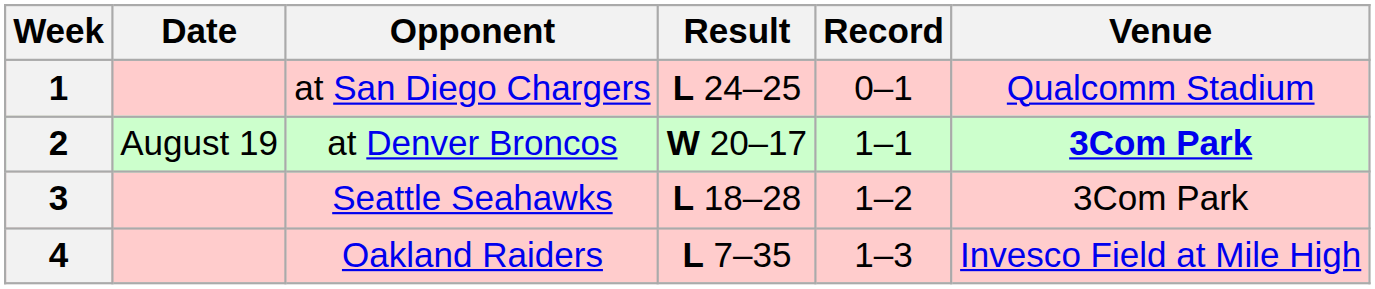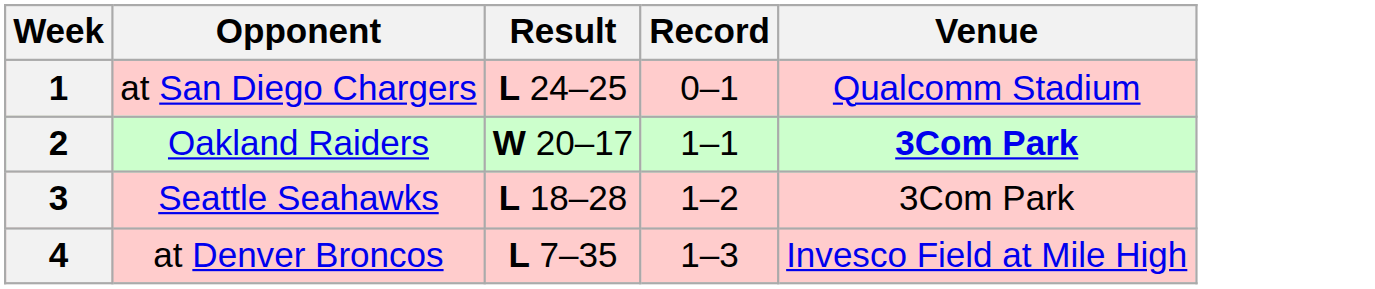 <table class="wikitable" style="text-align:center">
 <tr>
 <th>Week</th>
-<th>Date</th>
 <th>Opponent</th>
 <th>Result</th>
 <th>Record</th>
 <th>Venue</th>
 </tr>
 <tr style="background:#fcc">
 <th>1</th>
-<td></td>
 <td>at <a href='#'>San Diego Chargers</a></td>
 <td><strong>L</strong> 24–25</td>
 <td>0–1</td>
 <td><a href='#'>Qualcomm Stadium</a></td>
 </tr>
 <tr style="background:#cfc">
 <th>2</th>
-<td>August 19</td>
-<td>at <a href='#'>Denver Broncos</a></td>
+<td><a href='#'>Oakland Raiders</a></td>
 <td><strong>W</strong> 20–17</td>
 <td>1–1</td>
 <td><strong><a href='#'>3Com Park</a></strong></td>
 </tr>
 <tr style="background:#fcc">
 <th>3</th>
-<td></td>
 <td><a href='#'>Seattle Seahawks</a></td>
 <td><strong>L</strong> 18–28</td>
 <td>1–2</td>
 <td>3Com Park</td>
 </tr>
 <tr style="background:#fcc">
 <th>4</th>
-<td></td>
-<td><a href='#'>Oakland Raiders</a></td>
+<td>at <a href='#'>Denver Broncos</a></td>
 <td><strong>L</strong> 7–35</td>
 <td>1–3</td>
 <td><a href='#'>Invesco Field at Mile High</a></td>
 </tr>
 </table>
